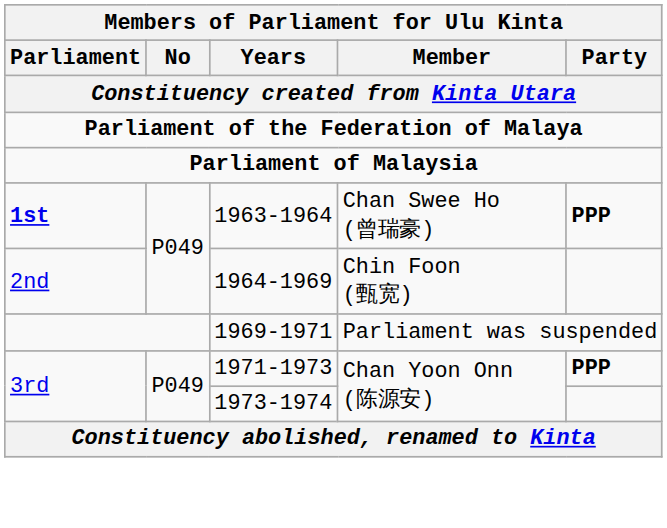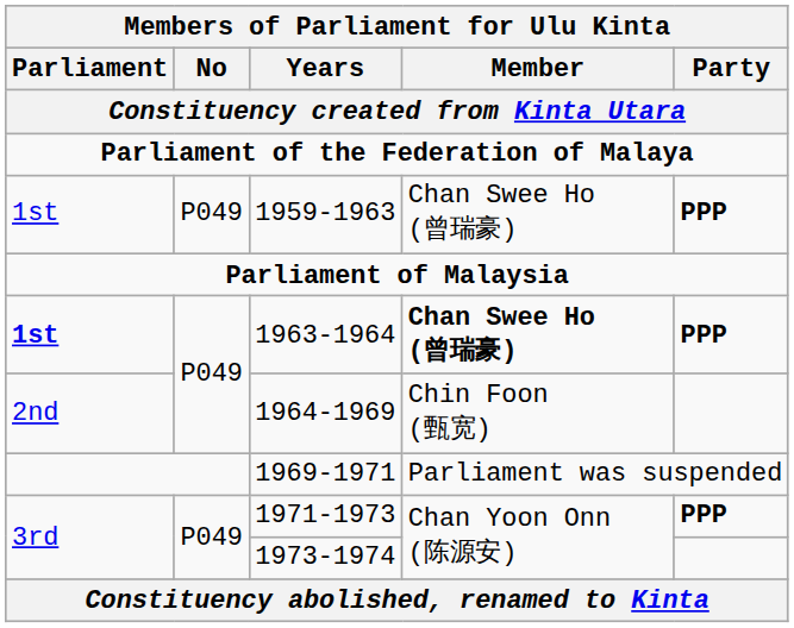 <table class=wikitable>
 <tr>
 <th colspan="5">Members of Parliament for Ulu Kinta</th>
 </tr>
 <tr>
 <th>Parliament</th>
 <th>No</th>
 <th>Years</th>
 <th>Member</th>
 <th>Party</th>
 </tr>
 <tr>
 <th colspan="5" align="center"><em>Constituency created from <a href='#'>Kinta Utara</a></em></th>
 </tr>
 <tr>
 <td colspan="5" align="center"><strong>Parliament of the Federation of Malaya</strong></td>
 </tr>
 <tr>
+<td><a href='#'>1st</a></td>
+<td>P049</td>
+<td>1959-1963</td>
+<td>Chan Swee Ho <br> (曾瑞豪)</td>
+<td><strong>PPP</strong></td>
+</tr>
+<tr>
 <td colspan="5" align="center"><strong>Parliament of Malaysia</strong></td>
 </tr>
 <tr>
 <td><strong><a href='#'>1st</a></strong></td>
 <td rowspan="2">P049</td>
 <td>1963-1964</td>
-<td>Chan Swee Ho  <br>(曾瑞豪)</td>
+<td><strong>Chan Swee Ho  <br>(曾瑞豪)</strong></td>
 <td><strong>PPP</strong></td>
 </tr>
 <tr>
 <td><a href='#'>2nd</a></td>
 <td>1964-1969</td>
 <td>Chin Foon <br> (甄宽)</td>
 <td></td>
 </tr>
 <tr>
 <td colspan="2"></td>
 <td>1969-1971</td>
 <td colspan=2 align=center>Parliament was suspended</td>
 </tr>
 <tr>
 <td rowspan=2><a href='#'>3rd</a></td>
 <td rowspan="2">P049</td>
 <td>1971-1973</td>
 <td rowspan=2>Chan Yoon Onn  <br>(陈源安)</td>
 <td><strong>PPP</strong></td>
 </tr>
 <tr>
 <td>1973-1974</td>
 <td></td>
 </tr>
 <tr>
 <th colspan="5" align="center"><em>Constituency abolished, renamed to <a href='#'>Kinta</a></em></th>
 </tr>
 </table>
